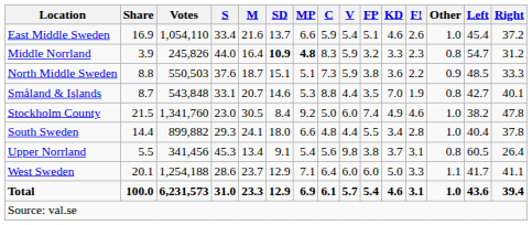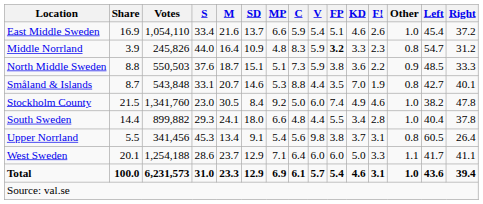 <table class="wikitable sortable" style=text-align:right>
 <tr>
 <th>Location</th>
 <th>Share</th>
 <th>Votes</th>
 <th><a href='#'>S</a></th>
 <th><a href='#'>M</a></th>
 <th><a href='#'>SD</a></th>
 <th><a href='#'>MP</a></th>
 <th><a href='#'>C</a></th>
 <th><a href='#'>V</a></th>
 <th><a href='#'>FP</a></th>
 <th><a href='#'>KD</a></th>
 <th><a href='#'>F!</a></th>
 <th>Other</th>
 <th><a href='#'>Left</a></th>
 <th><a href='#'>Right</a></th>
 </tr>
 <tr>
 <td align=left><a href='#'>East Middle Sweden</a></td>
 <td>16.9</td>
 <td>1,054,110</td>
 <td>33.4</td>
 <td>21.6</td>
 <td>13.7</td>
 <td>6.6</td>
 <td>5.9</td>
 <td>5.4</td>
 <td>5.1</td>
 <td>4.6</td>
 <td>2.6</td>
 <td>1.0</td>
 <td>45.4</td>
 <td>37.2</td>
 </tr>
 <tr>
 <td align=left><a href='#'>Middle Norrland</a></td>
 <td>3.9</td>
 <td>245,826</td>
 <td>44.0</td>
 <td>16.4</td>
-<td><strong>10.9</strong></td>
-<td><strong>4.8</strong></td>
+<td>10.9</td>
+<td>4.8</td>
 <td>8.3</td>
 <td>5.9</td>
-<td>3.2</td>
+<td><strong>3.2</strong></td>
 <td>3.3</td>
 <td>2.3</td>
 <td>0.8</td>
 <td>54.7</td>
 <td>31.2</td>
 </tr>
 <tr>
 <td align=left><a href='#'>North Middle Sweden</a></td>
 <td>8.8</td>
 <td>550,503</td>
 <td>37.6</td>
 <td>18.7</td>
 <td>15.1</td>
 <td>5.1</td>
 <td>7.3</td>
 <td>5.9</td>
 <td>3.8</td>
 <td>3.6</td>
 <td>2.2</td>
 <td>0.9</td>
 <td>48.5</td>
 <td>33.3</td>
 </tr>
 <tr>
 <td align=left><a href='#'>Småland & Islands</a></td>
 <td>8.7</td>
 <td>543,848</td>
 <td>33.1</td>
 <td>20.7</td>
 <td>14.6</td>
 <td>5.3</td>
 <td>8.8</td>
 <td>4.4</td>
 <td>3.5</td>
 <td>7.0</td>
 <td>1.9</td>
 <td>0.8</td>
 <td>42.7</td>
 <td>40.1</td>
 </tr>
 <tr>
 <td align=left><a href='#'>Stockholm County</a></td>
 <td>21.5</td>
 <td>1,341,760</td>
 <td>23.0</td>
 <td>30.5</td>
 <td>8.4</td>
 <td>9.2</td>
 <td>5.0</td>
 <td>6.0</td>
 <td>7.4</td>
 <td>4.9</td>
 <td>4.6</td>
 <td>1.0</td>
 <td>38.2</td>
 <td>47.8</td>
 </tr>
 <tr>
 <td align=left><a href='#'>South Sweden</a></td>
 <td>14.4</td>
 <td>899,882</td>
 <td>29.3</td>
 <td>24.1</td>
 <td>18.0</td>
 <td>6.6</td>
 <td>4.8</td>
 <td>4.4</td>
 <td>5.5</td>
 <td>3.4</td>
 <td>2.8</td>
 <td>1.0</td>
 <td>40.4</td>
 <td>37.8</td>
 </tr>
 <tr>
 <td align=left><a href='#'>Upper Norrland</a></td>
 <td>5.5</td>
 <td>341,456</td>
 <td>45.3</td>
 <td>13.4</td>
 <td>9.1</td>
 <td>5.4</td>
 <td>5.6</td>
 <td>9.8</td>
 <td>3.8</td>
 <td>3.7</td>
 <td>3.1</td>
 <td>0.8</td>
 <td>60.5</td>
 <td>26.4</td>
 </tr>
 <tr>
 <td align=left><a href='#'>West Sweden</a></td>
 <td>20.1</td>
 <td>1,254,188</td>
 <td>28.6</td>
 <td>23.7</td>
 <td>12.9</td>
 <td>7.1</td>
 <td>6.4</td>
 <td>6.0</td>
 <td>6.0</td>
 <td>5.0</td>
 <td>3.3</td>
 <td>1.1</td>
 <td>41.7</td>
 <td>41.1</td>
 </tr>
 <tr>
 <td align=left><strong>Total</strong></td>
 <td><strong>100.0</strong></td>
 <td><strong>6,231,573</strong></td>
 <td><strong>31.0</strong></td>
 <td><strong>23.3</strong></td>
 <td><strong>12.9</strong></td>
 <td><strong>6.9</strong></td>
 <td><strong>6.1</strong></td>
 <td><strong>5.7</strong></td>
 <td><strong>5.4</strong></td>
 <td><strong>4.6</strong></td>
 <td><strong>3.1</strong></td>
 <td><strong>1.0</strong></td>
 <td><strong>43.6</strong></td>
 <td><strong>39.4</strong></td>
 </tr>
 <tr>
 <td align=left colspan=15>Source: val.se </td>
 </tr>
 </table>
